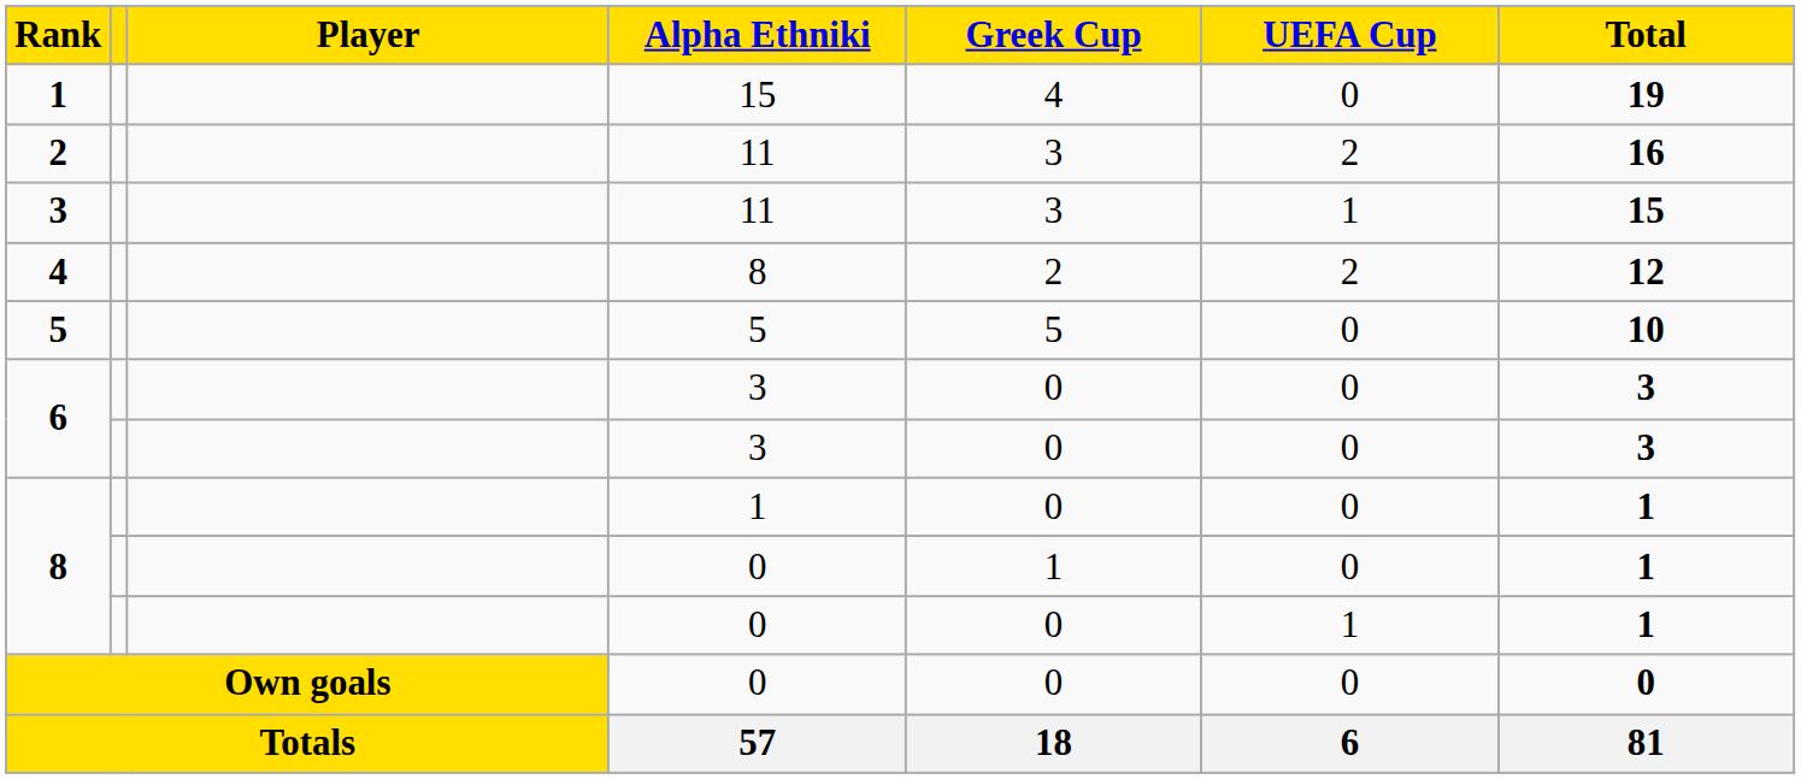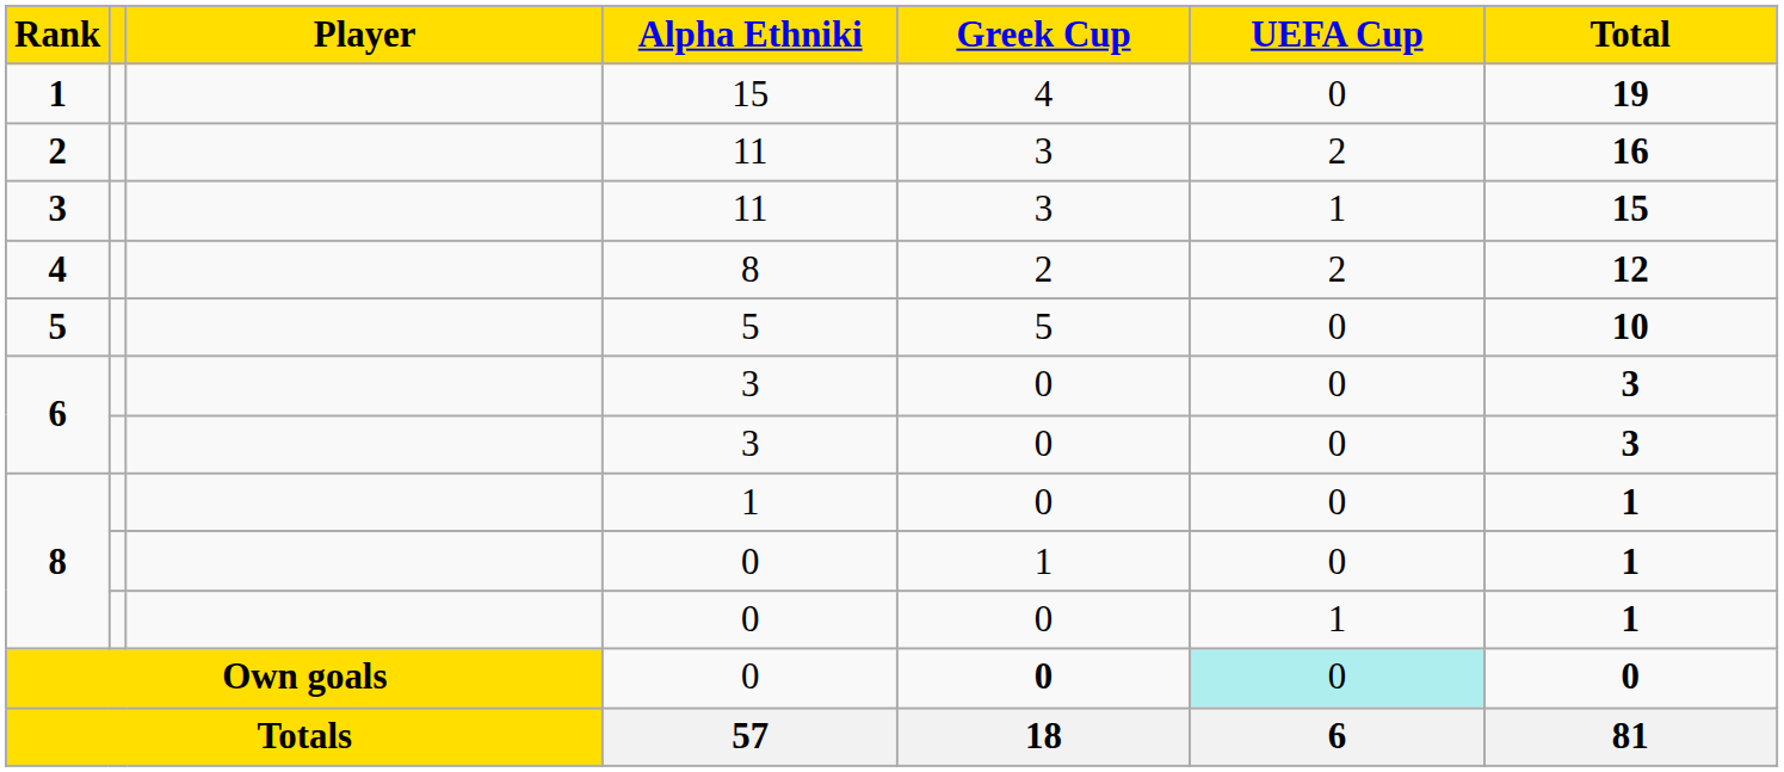 <table class="wikitable sortable" style="text-align: center">
 <tr>
 <th style="background:#FFDE00">Rank</th>
 <th style="background:#FFDE00"></th>
 <th width=200 style="background:#FFDE00">Player</th>
 <th width=120 style="background:#FFDE00"><a href='#'>Alpha Ethniki</a></th>
 <th width=120 style="background:#FFDE00"><a href='#'>Greek Cup</a></th>
 <th width=120 style="background:#FFDE00"><a href='#'>UEFA Cup</a></th>
 <th width=120 style="background:#FFDE00">Total</th>
 </tr>
 <tr>
 <td><strong>1</strong></td>
 <td></td>
 <td align=left></td>
 <td>15</td>
 <td>4</td>
 <td>0</td>
 <td><strong>19</strong></td>
 </tr>
 <tr>
 <td><strong>2</strong></td>
 <td></td>
 <td align=left></td>
 <td>11</td>
 <td>3</td>
 <td>2</td>
 <td><strong>16</strong></td>
 </tr>
 <tr>
 <td><strong>3</strong></td>
 <td></td>
 <td align=left></td>
 <td>11</td>
 <td>3</td>
 <td>1</td>
 <td><strong>15</strong></td>
 </tr>
 <tr>
 <td><strong>4</strong></td>
 <td></td>
 <td align=left></td>
 <td>8</td>
 <td>2</td>
 <td>2</td>
 <td><strong>12</strong></td>
 </tr>
 <tr>
 <td><strong>5</strong></td>
 <td></td>
 <td align=left></td>
 <td>5</td>
 <td>5</td>
 <td>0</td>
 <td><strong>10</strong></td>
 </tr>
 <tr>
 <td rowspan=2><strong>6</strong></td>
 <td></td>
 <td align=left></td>
 <td>3</td>
 <td>0</td>
 <td>0</td>
 <td><strong>3</strong></td>
 </tr>
 <tr>
 <td></td>
 <td align=left></td>
 <td>3</td>
 <td>0</td>
 <td>0</td>
 <td><strong>3</strong></td>
 </tr>
 <tr>
 <td rowspan=3><strong>8</strong></td>
 <td></td>
 <td align=left></td>
 <td>1</td>
 <td>0</td>
 <td>0</td>
 <td><strong>1</strong></td>
 </tr>
 <tr>
 <td></td>
 <td align=left></td>
 <td>0</td>
 <td>1</td>
 <td>0</td>
 <td><strong>1</strong></td>
 </tr>
 <tr>
 <td></td>
 <td align=left></td>
 <td>0</td>
 <td>0</td>
 <td>1</td>
 <td><strong>1</strong></td>
 </tr>
 <tr class="sortbottom">
 <td colspan=3 style="background:#FFDE00"><strong>Own goals</strong></td>
 <td>0</td>
-<td>0</td>
-<td>0</td>
+<td><strong>0</strong></td>
+<td style="background: paleturquoise;">0</td>
 <td><strong>0</strong></td>
 </tr>
 <tr class="sortbottom">
 <th colspan=3 style="background:#FFDE00"><strong>Totals</strong></th>
 <th><strong>57</strong></th>
 <th><strong>18</strong></th>
 <th><strong> 6</strong></th>
 <th><strong>81</strong></th>
 </tr>
 </table>
